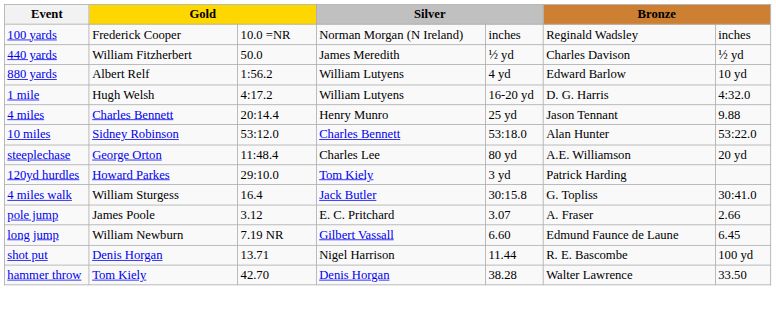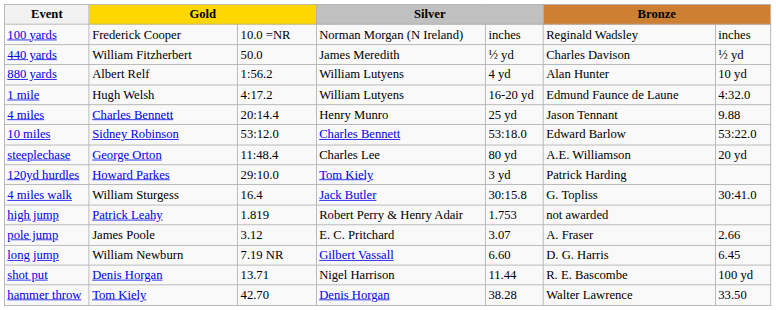 <table class="wikitable" style="text-align:left">
 <tr>
 <th width=100>Event</th>
 <th colspan="2" width="280" style="background:gold;">Gold</th>
 <th colspan="2" width="280" style="background:silver;">Silver</th>
 <th colspan="2" width="280" style="background:#CD7F32;">Bronze</th>
 </tr>
 <tr>
 <td><a href='#'>100 yards</a></td>
 <td>Frederick Cooper</td>
 <td>10.0 =NR</td>
 <td>Norman Morgan (N Ireland)</td>
 <td>inches</td>
 <td>Reginald Wadsley</td>
 <td>inches</td>
 </tr>
 <tr>
 <td><a href='#'>440 yards</a></td>
 <td>William Fitzherbert</td>
 <td>50.0</td>
 <td> James Meredith</td>
 <td>½ yd</td>
 <td>Charles Davison</td>
 <td>½ yd</td>
 </tr>
 <tr>
 <td><a href='#'>880 yards</a></td>
 <td>Albert Relf</td>
 <td>1:56.2</td>
 <td>William Lutyens</td>
 <td>4 yd</td>
-<td>Edward Barlow</td>
+<td>Alan Hunter</td>
 <td>10 yd</td>
 </tr>
 <tr>
 <td><a href='#'>1 mile</a></td>
 <td> Hugh Welsh</td>
 <td>4:17.2</td>
 <td>William Lutyens</td>
 <td>16-20 yd</td>
-<td>D. G. Harris</td>
+<td>Edmund Faunce de Laune</td>
 <td>4:32.0</td>
 </tr>
 <tr>
 <td><a href='#'>4 miles</a></td>
 <td><a href='#'>Charles Bennett</a></td>
 <td>20:14.4</td>
 <td> Henry Munro</td>
 <td>25 yd</td>
 <td>Jason Tennant</td>
 <td>9.88</td>
 </tr>
 <tr>
 <td><a href='#'>10 miles</a></td>
 <td><a href='#'>Sidney Robinson</a></td>
 <td>53:12.0</td>
 <td><a href='#'>Charles Bennett</a></td>
 <td>53:18.0</td>
-<td>Alan Hunter</td>
+<td>Edward Barlow</td>
 <td>53:22.0</td>
 </tr>
 <tr>
 <td><a href='#'>steeplechase</a></td>
 <td> <a href='#'>George Orton</a></td>
 <td>11:48.4</td>
 <td>Charles Lee</td>
 <td>80 yd</td>
 <td>A.E. Williamson</td>
 <td>20 yd</td>
 </tr>
 <tr>
 <td><a href='#'>120yd hurdles</a></td>
 <td><a href='#'>Howard Parkes</a></td>
 <td>29:10.0</td>
 <td> <a href='#'>Tom Kiely</a></td>
 <td>3 yd</td>
 <td> Patrick Harding</td>
 <td></td>
 </tr>
 <tr>
 <td><a href='#'>4 miles walk</a></td>
 <td>William Sturgess</td>
 <td>16.4</td>
 <td><a href='#'>Jack Butler</a></td>
 <td>30:15.8</td>
 <td>G. Topliss</td>
 <td>30:41.0</td>
 </tr>
 <tr>
+<td><a href='#'>high jump</a></td>
+<td> <a href='#'>Patrick Leahy</a></td>
+<td>1.819</td>
+<td>Robert Perry & Henry Adair</td>
+<td>1.753</td>
+<td>not awarded</td>
+<td></td>
+</tr>
+<tr>
 <td><a href='#'>pole jump</a></td>
 <td>James Poole</td>
 <td>3.12</td>
 <td>E. C. Pritchard</td>
 <td>3.07</td>
 <td>A. Fraser</td>
 <td>2.66</td>
 </tr>
 <tr>
 <td><a href='#'>long jump</a></td>
 <td>  William Newburn</td>
 <td>7.19 NR</td>
 <td><a href='#'>Gilbert Vassall</a></td>
 <td>6.60</td>
-<td>Edmund Faunce de Laune</td>
+<td>D. G. Harris</td>
 <td>6.45</td>
 </tr>
 <tr>
 <td><a href='#'>shot put</a></td>
 <td> <a href='#'>Denis Horgan</a></td>
 <td>13.71</td>
 <td>Nigel Harrison</td>
 <td>11.44</td>
 <td>R. E. Bascombe</td>
 <td>100 yd</td>
 </tr>
 <tr>
 <td><a href='#'>hammer throw</a></td>
 <td> <a href='#'>Tom Kiely</a></td>
 <td>42.70</td>
 <td> <a href='#'>Denis Horgan</a></td>
 <td>38.28</td>
 <td>Walter Lawrence</td>
 <td>33.50</td>
 </tr>
 </table>
